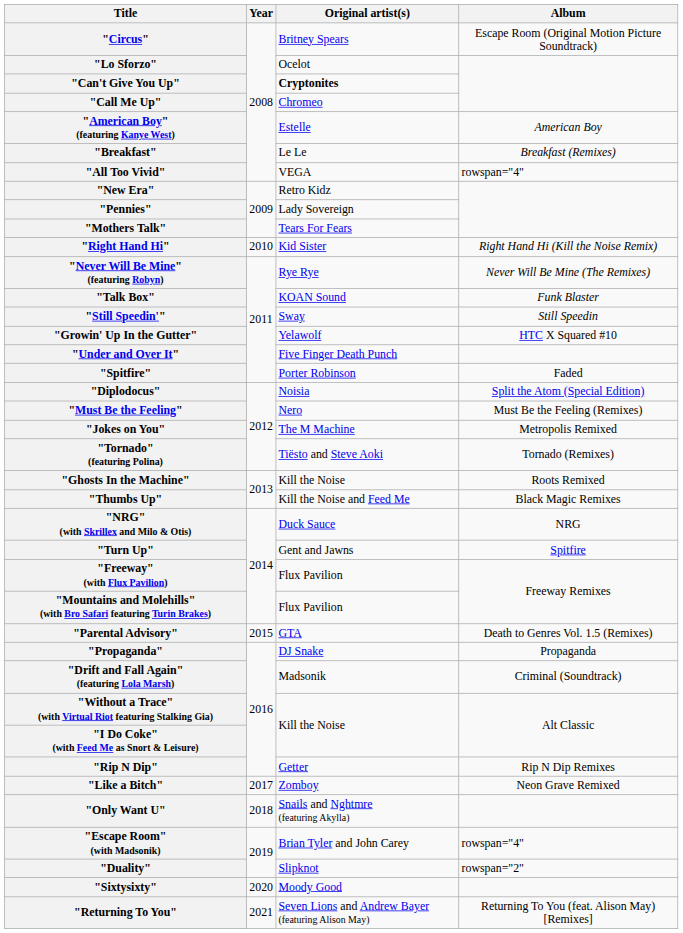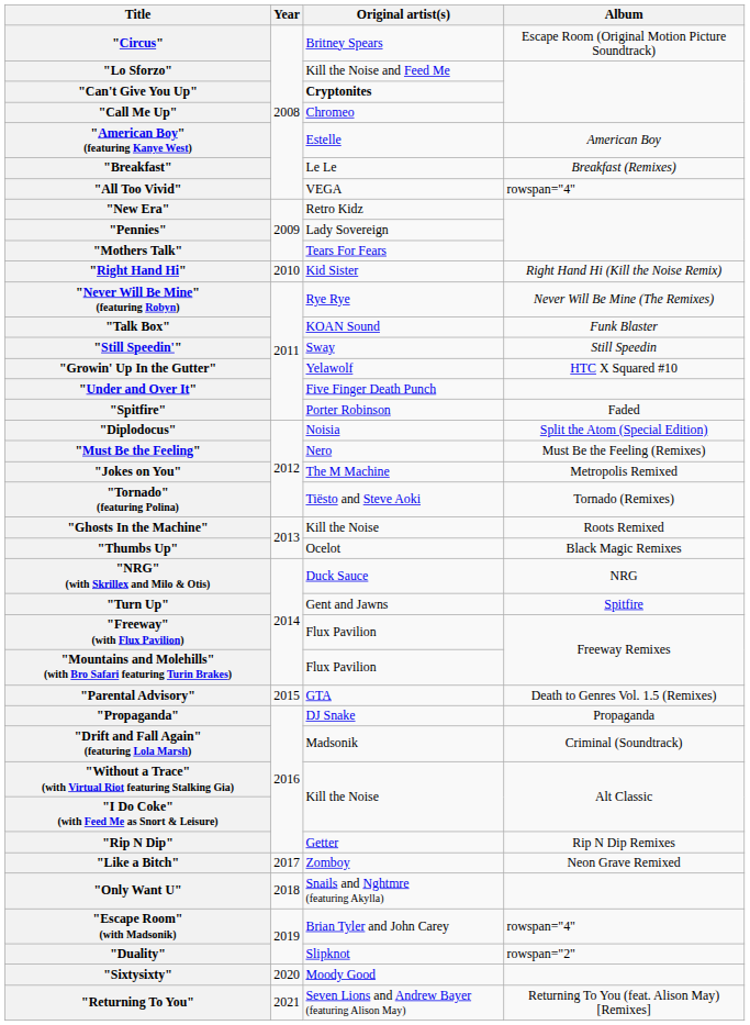 <table class="wikitable plainrowheaders">
 <tr>
 <th rowspan="1" style="width:20em;">Title</th>
 <th rowspan="1">Year</th>
 <th colspan="1" style="width:15em;">Original artist(s)</th>
 <th rowspan="1" style="width:18em;">Album</th>
 </tr>
 <tr>
 <th scope="row">"<a href='#'>Circus</a>"</th>
 <td rowspan=7>2008</td>
 <td><a href='#'>Britney Spears</a></td>
 <td style="text-align:center;"></em>Escape Room (Original Motion Picture Soundtrack)<em></td>
 </tr>
 <tr>
 <th scope="row">"Lo Sforzo"</th>
-<td>Ocelot</td>
+<td>Kill the Noise and <a href='#'>Feed Me</a></td>
 </tr>
 <tr>
 <th scope="row">"Can't Give You Up"</th>
 <td><strong>Cryptonites</strong></td>
 </tr>
 <tr>
 <th scope="row">"Call Me Up"</th>
 <td><a href='#'>Chromeo</a></td>
 </tr>
 <tr>
 <th scope="row">"<a href='#'>American Boy</a>"<br><small>(featuring <a href='#'>Kanye West</a>)</small></th>
 <td><a href='#'>Estelle</a></td>
 <td style="text-align:center;"><em>American Boy </em></td>
 </tr>
 <tr>
 <th scope="row">"Breakfast"</th>
 <td>Le Le</td>
 <td style="text-align:center;"><em>Breakfast (Remixes)</em></td>
 </tr>
 <tr>
 <th scope="row">"All Too Vivid"</th>
 <td>VEGA</td>
 <td>rowspan="4" </td>
 </tr>
 <tr>
 <th scope="row">"New Era"</th>
 <td rowspan=3>2009</td>
 <td>Retro Kidz</td>
 </tr>
 <tr>
 <th scope="row">"Pennies"</th>
 <td>Lady Sovereign</td>
 </tr>
 <tr>
 <th scope="row">"Mothers Talk"</th>
 <td><a href='#'>Tears For Fears</a></td>
 </tr>
 <tr>
 <th scope="row">"<a href='#'>Right Hand Hi</a>"</th>
 <td rowspan=1>2010</td>
 <td><a href='#'>Kid Sister</a></td>
 <td style="text-align:center;"><em>Right Hand Hi (Kill the Noise Remix)</em></td>
 </tr>
 <tr>
 <th scope="row">"<a href='#'>Never Will Be Mine</a>"<br><small>(featuring <a href='#'>Robyn</a>)</small></th>
 <td rowspan="6">2011</td>
 <td><a href='#'>Rye Rye</a></td>
 <td style="text-align:center;"><em>Never Will Be Mine (The Remixes)</em></td>
 </tr>
 <tr>
 <th scope="row">"Talk Box"</th>
 <td><a href='#'>KOAN Sound</a></td>
 <td style="text-align:center;"><em>Funk Blaster</em></td>
 </tr>
 <tr>
 <th scope="row">"<a href='#'>Still Speedin'</a>"</th>
 <td><a href='#'>Sway</a></td>
 <td style="text-align:center;"><em>Still Speedin<strong></td>
 </tr>
 <tr>
 <th scope="row">"Growin' Up In the Gutter"</th>
 <td><a href='#'>Yelawolf</a></td>
 <td style="text-align:center;"></em><a href='#'>HTC</a> X Squared #10<em></td>
 </tr>
 <tr>
 <th scope="row">"<a href='#'>Under and Over It</a>"</th>
 <td><a href='#'>Five Finger Death Punch</a></td>
 <td></td>
 </tr>
 <tr>
 <th scope="row">"Spitfire"</th>
 <td><a href='#'>Porter Robinson</a></td>
 <td style="text-align:center;"></em>Faded<em></td>
 </tr>
 <tr>
 <th scope="row">"Diplodocus"</th>
 <td rowspan=4>2012</td>
 <td><a href='#'>Noisia</a></td>
 <td style="text-align:center;"></em><a href='#'>Split the Atom (Special Edition)</a><em></td>
 </tr>
 <tr>
 <th scope="row">"<a href='#'>Must Be the Feeling</a>"</th>
 <td><a href='#'>Nero</a></td>
 <td style="text-align:center;"></em>Must Be the Feeling (Remixes)<em></td>
 </tr>
 <tr>
 <th scope="row">"Jokes on You"</th>
 <td><a href='#'>The M Machine</a></td>
 <td style="text-align:center;"></em>Metropolis Remixed<em></td>
 </tr>
 <tr>
 <th scope="row">"Tornado"<br><small>(featuring Polina)</small></th>
 <td><a href='#'>Tiësto</a> and <a href='#'>Steve Aoki</a></td>
 <td style="text-align:center;"></em>Tornado (Remixes)<em></td>
 </tr>
 <tr>
 <th scope="row">"Ghosts In the Machine"</th>
 <td rowspan=2>2013</td>
 <td>Kill the Noise</td>
 <td style="text-align:center;"></em>Roots Remixed<em></td>
 </tr>
 <tr>
 <th scope="row">"Thumbs Up"</th>
-<td>Kill the Noise and <a href='#'>Feed Me</a></td>
+<td>Ocelot</td>
 <td style="text-align:center;"></em>Black Magic Remixes<em></td>
 </tr>
 <tr>
 <th scope="row">"NRG"<br><small>(with <a href='#'>Skrillex</a> and Milo & Otis)</small></th>
 <td rowspan=4>2014</td>
 <td><a href='#'>Duck Sauce</a></td>
 <td style="text-align:center;"></em>NRG<em></td>
 </tr>
 <tr>
 <th scope="row">"Turn Up"</th>
 <td>Gent and Jawns</td>
 <td style="text-align:center;"></em><a href='#'>Spitfire</a><em></td>
 </tr>
 <tr>
 <th scope="row">"Freeway"<br><small>(with <a href='#'>Flux Pavilion</a>)</small></th>
 <td>Flux Pavilion</td>
 <td style="text-align:center;" rowspan="2"></em>Freeway Remixes<em></td>
 </tr>
 <tr>
 <th scope="row">"Mountains and Molehills"<br><small>(with <a href='#'>Bro Safari</a> featuring <a href='#'>Turin Brakes</a>)</small></th>
 <td>Flux Pavilion</td>
 </tr>
 <tr>
 <th scope="row">"Parental Advisory"</th>
 <td rowspan=1>2015</td>
 <td><a href='#'>GTA</a></td>
 <td style="text-align:center;"></em>Death to Genres Vol. 1.5 (Remixes)<em></td>
 </tr>
 <tr>
 <th scope="row">"Propaganda"</th>
 <td rowspan=5>2016</td>
 <td><a href='#'>DJ Snake</a></td>
 <td style="text-align:center;"></em>Propaganda<em></td>
 </tr>
 <tr>
 <th scope="row">"Drift and Fall Again"<br><small>(featuring <a href='#'>Lola Marsh</a>)</small></th>
 <td>Madsonik</td>
 <td style="text-align:center;"></em>Criminal (Soundtrack)<em></td>
 </tr>
 <tr>
 <th scope="row">"Without a Trace"<br><small>(with <a href='#'>Virtual Riot</a> featuring Stalking Gia)</small></th>
 <td rowspan="2">Kill the Noise</td>
 <td style="text-align:center;" rowspan="2"></em>Alt Classic<em></td>
 </tr>
 <tr>
 <th scope="row">"I Do Coke"<br><small>(with <a href='#'>Feed Me</a> as Snort & Leisure)</small></th>
 </tr>
 <tr>
 <th scope="row">"Rip N Dip"</th>
 <td><a href='#'>Getter</a></td>
 <td style="text-align:center;"></em>Rip N Dip Remixes<em></td>
 </tr>
 <tr>
 <th scope="row">"Like a Bitch"</th>
 <td>2017</td>
 <td><a href='#'>Zomboy</a></td>
 <td style="text-align:center;"></em>Neon Grave Remixed<em></td>
 </tr>
 <tr>
 <th scope="row">"Only Want U"</th>
 <td>2018</td>
 <td><a href='#'>Snails</a> and <a href='#'>Nghtmre</a> <br><small>(featuring Akylla)</small></td>
 <td></td>
 </tr>
 <tr>
 <th scope="row">"Escape Room" <br><small>(with Madsonik)</small></th>
 <td rowspan="2">2019</td>
 <td><a href='#'>Brian Tyler</a> and John Carey</td>
 <td>rowspan="4" </td>
 </tr>
 <tr>
 <th scope="row">"Duality"</th>
 <td><a href='#'>Slipknot</a></td>
 <td>rowspan="2" </td>
 </tr>
 <tr>
 <th scope="row">"Sixtysixty"</th>
 <td>2020</td>
 <td><a href='#'>Moody Good</a></td>
 </tr>
 <tr>
 <th scope="row">"Returning To You"</th>
 <td>2021</td>
 <td><a href='#'>Seven Lions</a> and <a href='#'>Andrew Bayer</a> <br><small>(featuring Alison May)</small></td>
 <td style="text-align:center;"></em>Returning To You (feat. Alison May) [Remixes]<em></td>
 </tr>
 </table>
